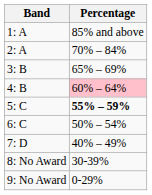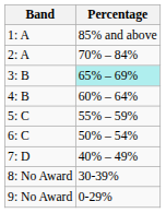 <table class="wikitable">
 <tr>
 <th>Band</th>
 <th>Percentage</th>
 </tr>
 <tr>
 <td>1: A</td>
 <td>85% and above</td>
 </tr>
 <tr>
 <td>2: A</td>
 <td>70% – 84%</td>
 </tr>
 <tr>
 <td>3: B</td>
-<td>65% – 69%</td>
+<td style="background: paleturquoise;">65% – 69%</td>
 </tr>
 <tr>
 <td>4: B</td>
-<td style="background: pink;">60% – 64%</td>
+<td>60% – 64%</td>
 </tr>
 <tr>
 <td>5: C</td>
-<td><strong>55% – 59%</strong></td>
+<td>55% – 59%</td>
 </tr>
 <tr>
 <td>6: C</td>
 <td>50% – 54%</td>
 </tr>
 <tr>
 <td>7: D</td>
 <td>40% – 49%</td>
 </tr>
 <tr>
 <td>8: No Award</td>
 <td>30-39%</td>
 </tr>
 <tr>
 <td>9: No Award</td>
 <td>0-29%</td>
 </tr>
 </table>
